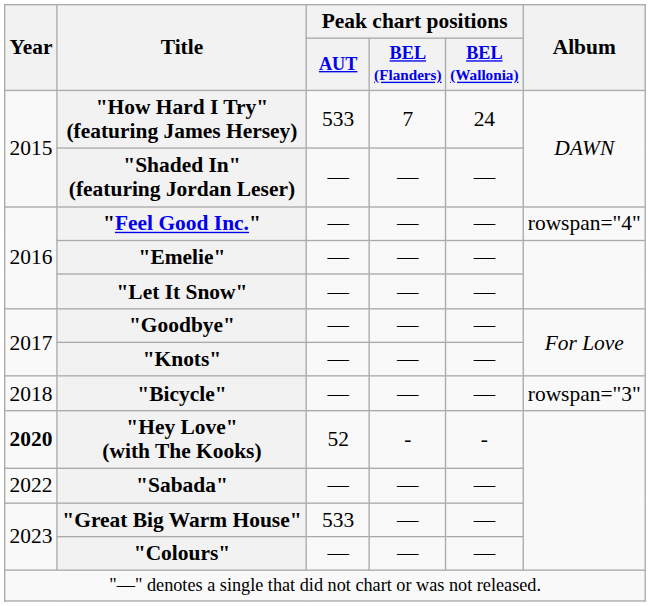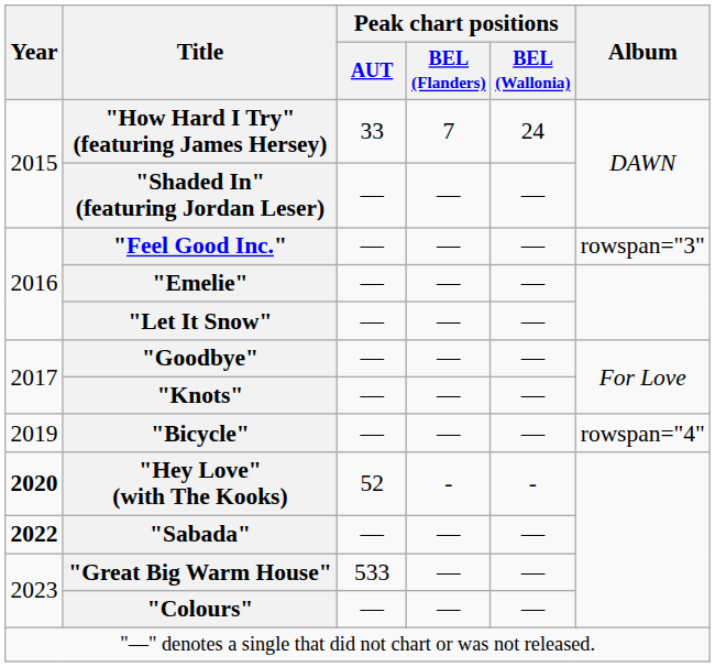 <table class="wikitable sortable plainrowheaders" style="text-align:center;">
 <tr>
 <th scope="col" rowspan="2" style="width:1em;">Year</th>
 <th scope="col" rowspan="2">Title</th>
 <th scope="col" colspan="3">Peak chart positions</th>
 <th scope="col" rowspan="2">Album</th>
 </tr>
 <tr>
 <th scope="col" style="width:3em;font-size:85%;"><a href='#'>AUT</a><br></th>
 <th scope="col" style="width:3em;font-size:85%;"><a href='#'>BEL<br><small>(Flanders)</small></a><br></th>
 <th scope="col" style="width:3em;font-size:85%;"><a href='#'>BEL<br><small>(Wallonia)</small></a><br></th>
 </tr>
 <tr>
 <td rowspan="2">2015</td>
 <th scope="row">"How Hard I Try"<br><span>(featuring James Hersey)</span></th>
-<td>533</td>
+<td>33</td>
 <td>7</td>
 <td>24</td>
 <td rowspan="2"><em>DAWN</em></td>
 </tr>
 <tr>
 <th scope="row">"Shaded In"<br><span>(featuring Jordan Leser)</span></th>
 <td>—</td>
 <td>—</td>
 <td>—</td>
 </tr>
 <tr>
 <td rowspan="3">2016</td>
 <th scope="row">"<a href='#'>Feel Good Inc.</a>"<br></th>
 <td>—</td>
 <td>—</td>
 <td>—</td>
-<td>rowspan="4" </td>
+<td>rowspan="3" </td>
 </tr>
 <tr>
 <th scope="row">"Emelie"<br></th>
 <td>—</td>
 <td>—</td>
 <td>—</td>
 </tr>
 <tr>
 <th scope="row">"Let It Snow"</th>
 <td>—</td>
 <td>—</td>
 <td>—</td>
 </tr>
 <tr>
 <td rowspan="2">2017</td>
 <th scope="row">"Goodbye"<br></th>
 <td>—</td>
 <td>—</td>
 <td>—</td>
 <td rowspan="2"><em>For Love</em></td>
 </tr>
 <tr>
 <th scope="row">"Knots"<br></th>
 <td>—</td>
 <td>—</td>
 <td>—</td>
 </tr>
 <tr>
-<td>2018</td>
+<td>2019</td>
 <th scope="row">"Bicycle"<br></th>
 <td>—</td>
 <td>—</td>
 <td>—</td>
-<td>rowspan="3" </td>
+<td>rowspan="4" </td>
 </tr>
 <tr>
 <td><strong>2020</strong></td>
 <th><strong>"Hey Love"</strong><br>(with The Kooks)</th>
 <td>52</td>
 <td>-</td>
 <td>-</td>
 </tr>
 <tr>
-<td>2022</td>
+<td><strong>2022</strong></td>
 <th scope="row">"Sabada"<br></th>
 <td>—</td>
 <td>—</td>
 <td>—</td>
 </tr>
 <tr>
 <td rowspan="2">2023</td>
 <th scope="row">"Great Big Warm House"<br></th>
 <td>533</td>
 <td>—</td>
 <td>—</td>
 </tr>
 <tr>
 <th scope="row">"Colours"<br></th>
 <td>—</td>
 <td>—</td>
 <td>—</td>
 </tr>
 <tr>
 <td colspan="19" style="font-size:85%">"—" denotes a single that did not chart or was not released.</td>
 </tr>
 </table>
